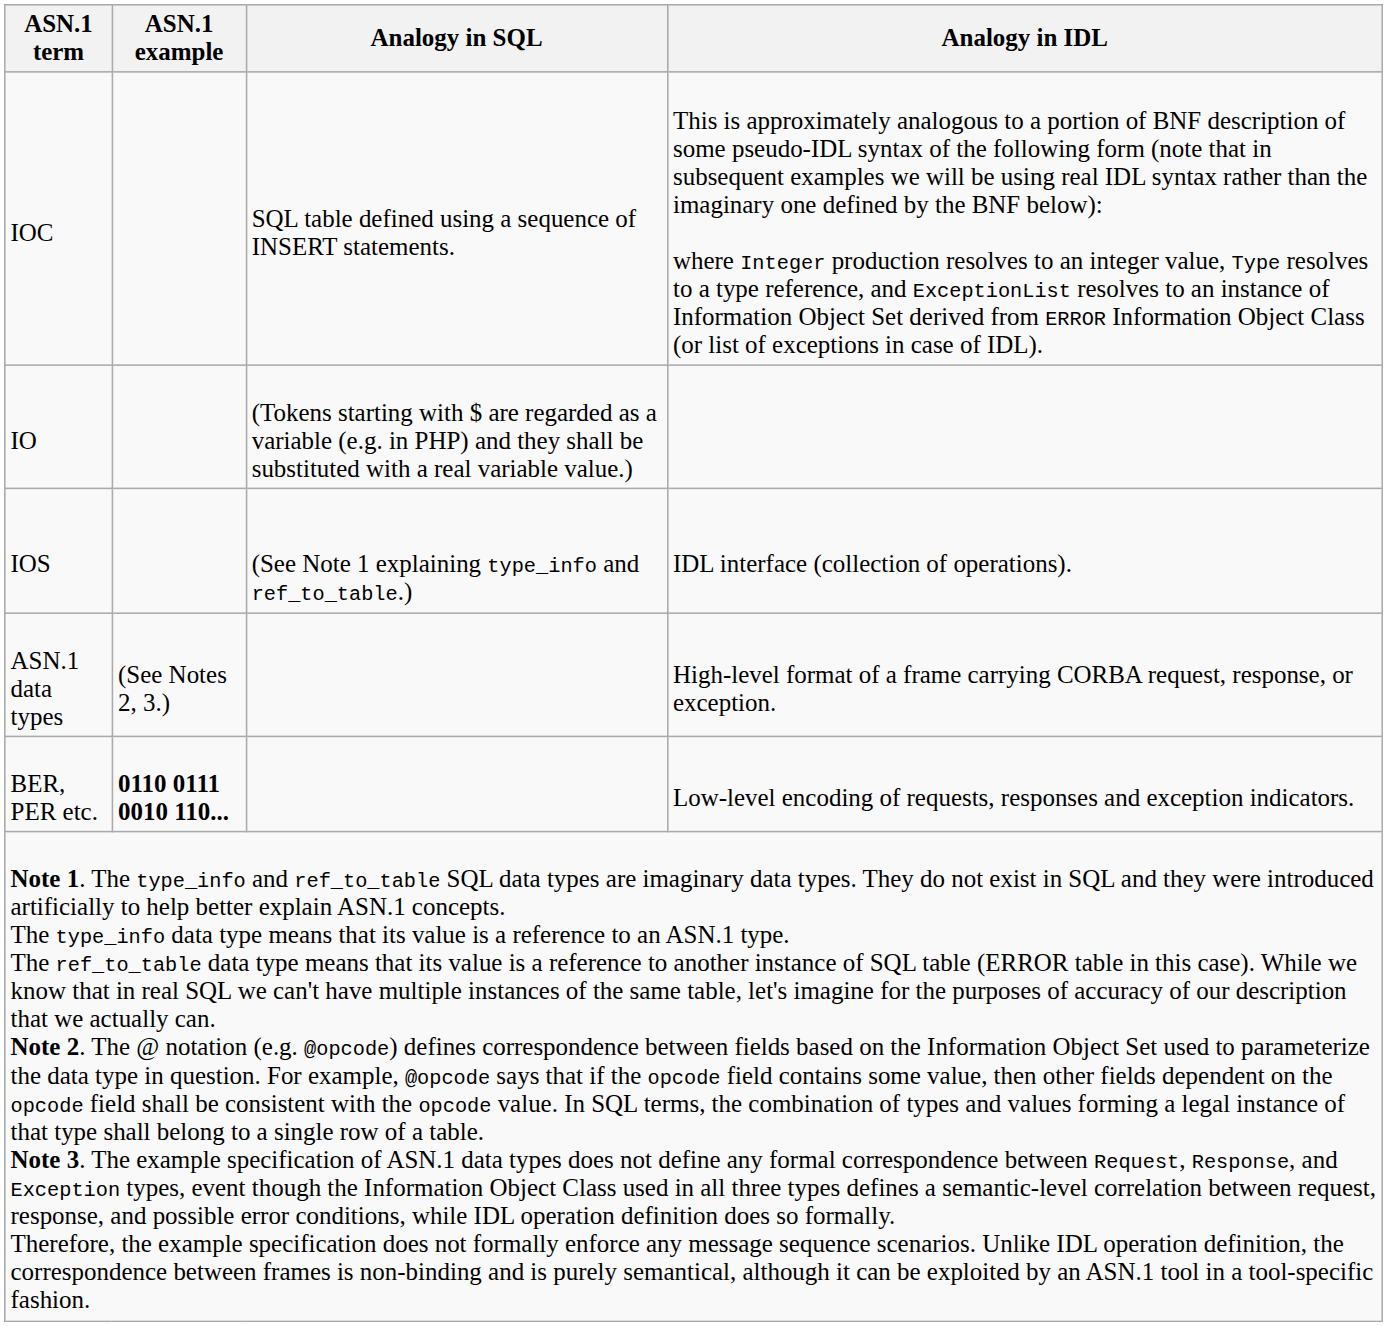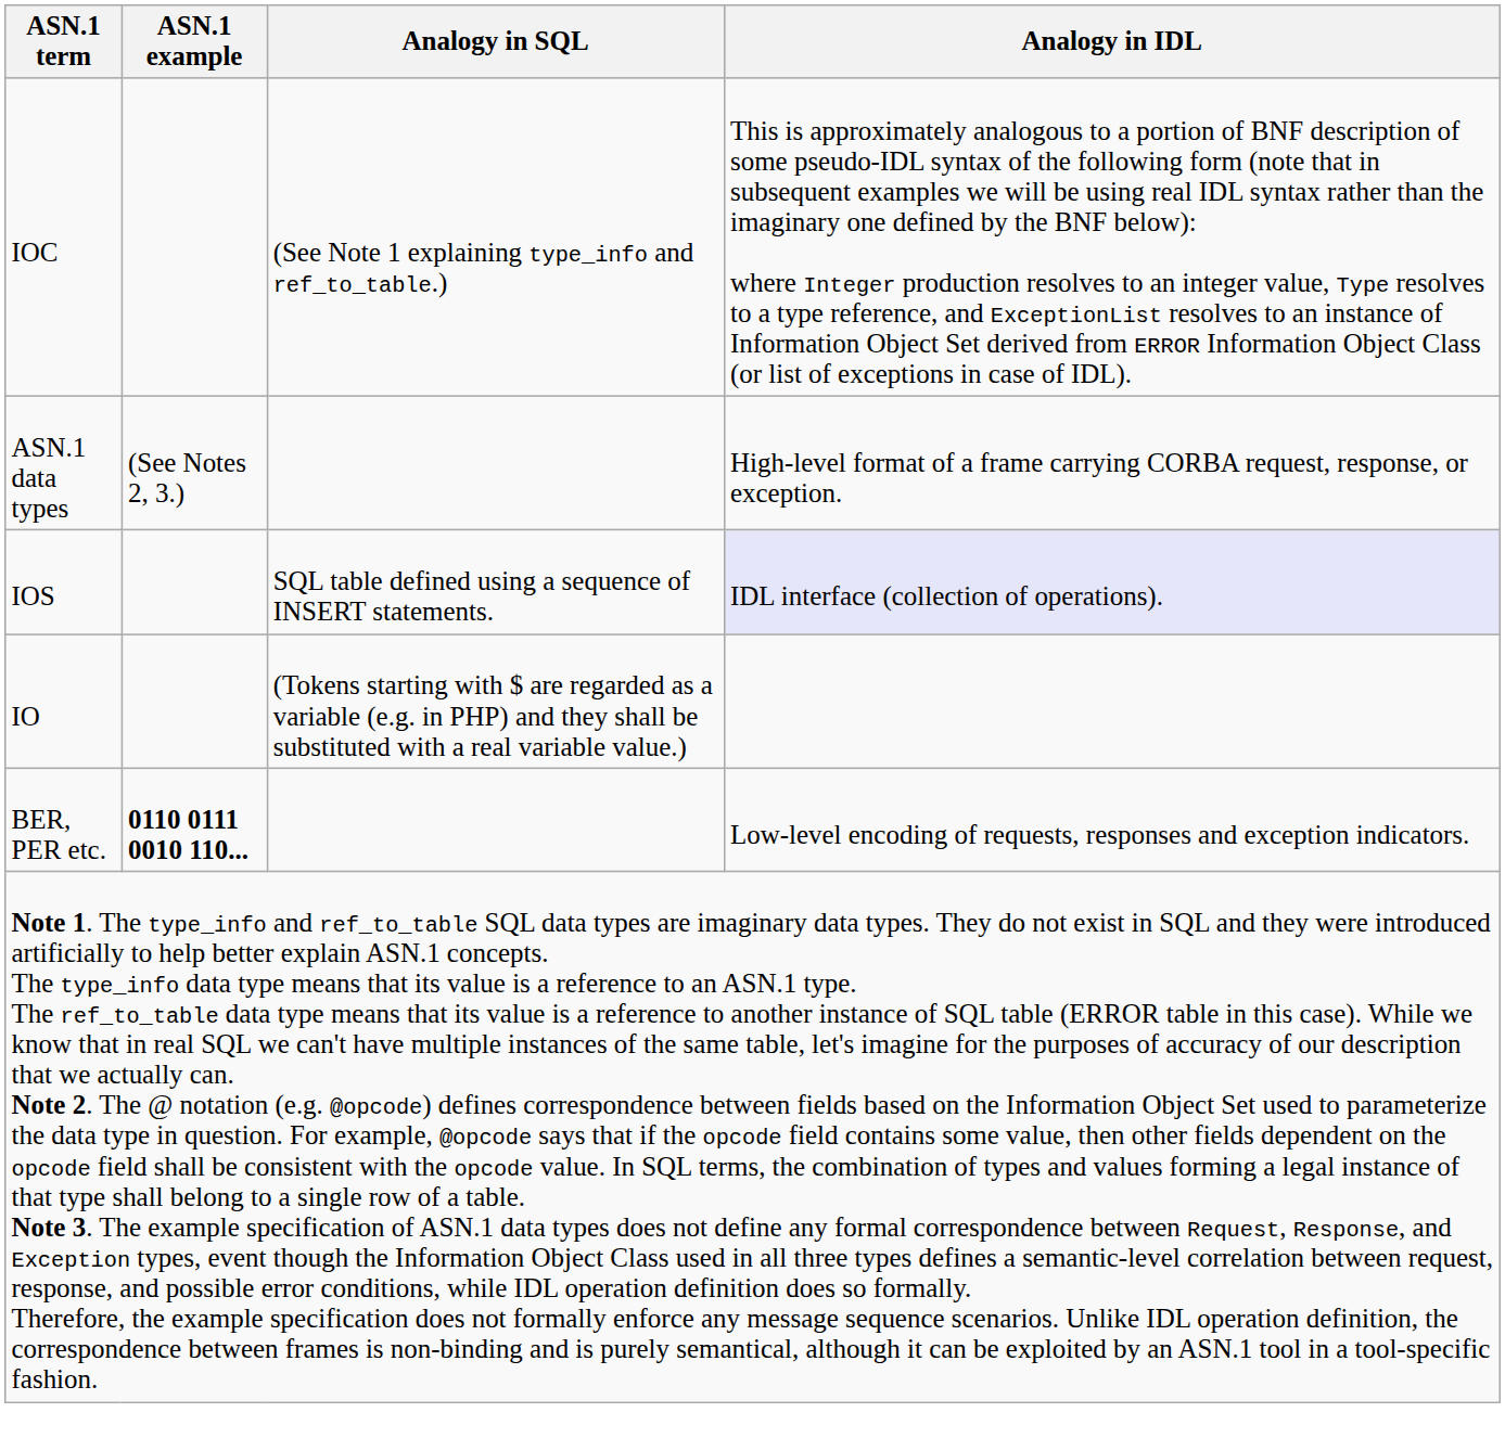 <table class="wikitable" width="100%">
 <tr>
 <th>ASN.1 term</th>
 <th>ASN.1 example</th>
 <th>Analogy in SQL</th>
 <th>Analogy in IDL</th>
 </tr>
 <tr>
 <td><br>IOC</td>
 <td><br></td>
+<td><br><br>(See Note 1 explaining <code>type_info</code> and <code>ref_to_table</code>.)</td>
+<td><br>This is approximately analogous to a portion of BNF description of some pseudo-IDL syntax of the following form (note that in subsequent examples we will be using real IDL syntax rather than the imaginary one defined by the BNF below):<br><br>where <code>Integer</code> production resolves to an integer value, <code>Type</code> resolves to a type reference, and <code>ExceptionList</code> resolves to an instance of Information Object Set derived from <code>ERROR</code> Information Object Class (or list of exceptions in case of IDL).</td>
+</tr>
+<tr>
+<td><br>ASN.1 data types</td>
+<td><br> (See Notes 2, 3.)</td>
+<td></td>
+<td><br>High-level format of a frame carrying CORBA request, response, or exception.</td>
+</tr>
+<tr>
+<td><br>IOS</td>
+<td><br></td>
 <td><br>SQL table defined using a sequence of INSERT statements.</td>
-<td><br>This is approximately analogous to a portion of BNF description of some pseudo-IDL syntax of the following form (note that in subsequent examples we will be using real IDL syntax rather than the imaginary one defined by the BNF below):<br><br>where <code>Integer</code> production resolves to an integer value, <code>Type</code> resolves to a type reference, and <code>ExceptionList</code> resolves to an instance of Information Object Set derived from <code>ERROR</code> Information Object Class (or list of exceptions in case of IDL).</td>
+<td style="background: lavender;"><br>IDL interface (collection of operations).</td>
 </tr>
 <tr>
 <td><br>IO</td>
 <td><br></td>
 <td><br> (Tokens starting with $ are regarded as a variable (e.g. in PHP) and they shall be substituted with a real variable value.)</td>
 <td><br></td>
-</tr>
-<tr>
-<td><br>IOS</td>
-<td><br></td>
-<td><br><br>(See Note 1 explaining <code>type_info</code> and <code>ref_to_table</code>.)</td>
-<td><br>IDL interface (collection of operations).</td>
-</tr>
-<tr>
-<td><br>ASN.1 data types</td>
-<td><br> (See Notes 2, 3.)</td>
-<td></td>
-<td><br>High-level format of a frame carrying CORBA request, response, or exception.</td>
 </tr>
 <tr>
 <td><br>BER, PER etc.</td>
 <td><strong><br>0110 0111 0010 110...</strong></td>
 <td></td>
 <td><br>Low-level encoding of requests, responses and exception indicators.</td>
 </tr>
 <tr>
 <td colspan="4"><br><strong>Note 1</strong>. The <code>type_info</code> and <code>ref_to_table</code> SQL data types are imaginary data types. They do not exist in SQL and they were introduced artificially to help better explain ASN.1 concepts.<br>The <code>type_info</code> data type means that its value is a reference to an ASN.1 type.<br>The <code>ref_to_table</code> data type means that its value is a reference to another instance of SQL table (ERROR table in this case). While we know that in real SQL we can't have multiple instances of the same table, let's imagine for the purposes of accuracy of our description that we actually can.<br><strong>Note 2</strong>. The @ notation (e.g. <code>@opcode</code>) defines correspondence between fields based on the Information Object Set used to parameterize the data type in question. For example, <code>@opcode</code> says that if the <code>opcode</code> field contains some value, then other  fields dependent on the <code>opcode</code> field shall be consistent with the <code>opcode</code> value. In SQL terms, the combination of types and values forming a legal instance of that type shall belong to a single row of a table.<br><strong>Note 3</strong>. The example specification of ASN.1 data types does not define any formal correspondence between <code>Request</code>, <code>Response</code>, and <code>Exception</code> types, event though the  Information Object Class used in all three types defines a semantic-level correlation between request, response, and possible error conditions, while IDL operation definition does so formally.<br>Therefore, the example specification does not formally enforce any message sequence scenarios. Unlike IDL operation definition, the correspondence between frames is non-binding and is purely semantical, although it can be exploited by an ASN.1 tool in a tool-specific fashion.</td>
 </tr>
 </table>
